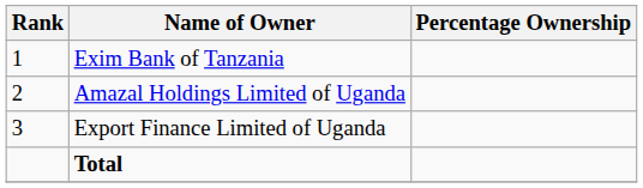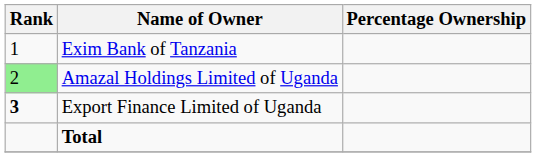 <table class="wikitable sortable" style="margin-left:auto;margin-right:auto">
 <tr>
 <th style="width:2em;">Rank</th>
 <th>Name of Owner</th>
 <th>Percentage Ownership</th>
 </tr>
 <tr>
 <td>1</td>
 <td><a href='#'>Exim Bank</a> of <a href='#'>Tanzania</a></td>
 <td></td>
 </tr>
 <tr>
-<td>2</td>
+<td style="background: lightgreen;">2</td>
 <td><a href='#'>Amazal Holdings Limited</a> of <a href='#'>Uganda</a></td>
 <td></td>
 </tr>
 <tr>
-<td>3</td>
+<td><strong>3</strong></td>
 <td>Export Finance Limited of Uganda</td>
 <td></td>
 </tr>
 <tr>
 <td></td>
 <td><strong>Total</strong></td>
 <td></td>
 </tr>
 <tr>
 </tr>
 </table>
